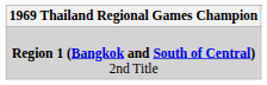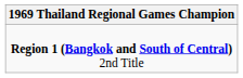 <table class=wikitable style="text-align:center; margin:auto">
 <tr>
 <th>1969 Thailand Regional Games Champion</th>
 </tr>
 <tr>
-<td style="background: lightgrey;"><br><strong>Region 1 (<a href='#'>Bangkok</a> and <a href='#'>South of Central</a>)<br></strong>2nd Title</td>
+<td><br><strong>Region 1 (<a href='#'>Bangkok</a> and <a href='#'>South of Central</a>)<br></strong>2nd Title</td>
 </tr>
 </table>
